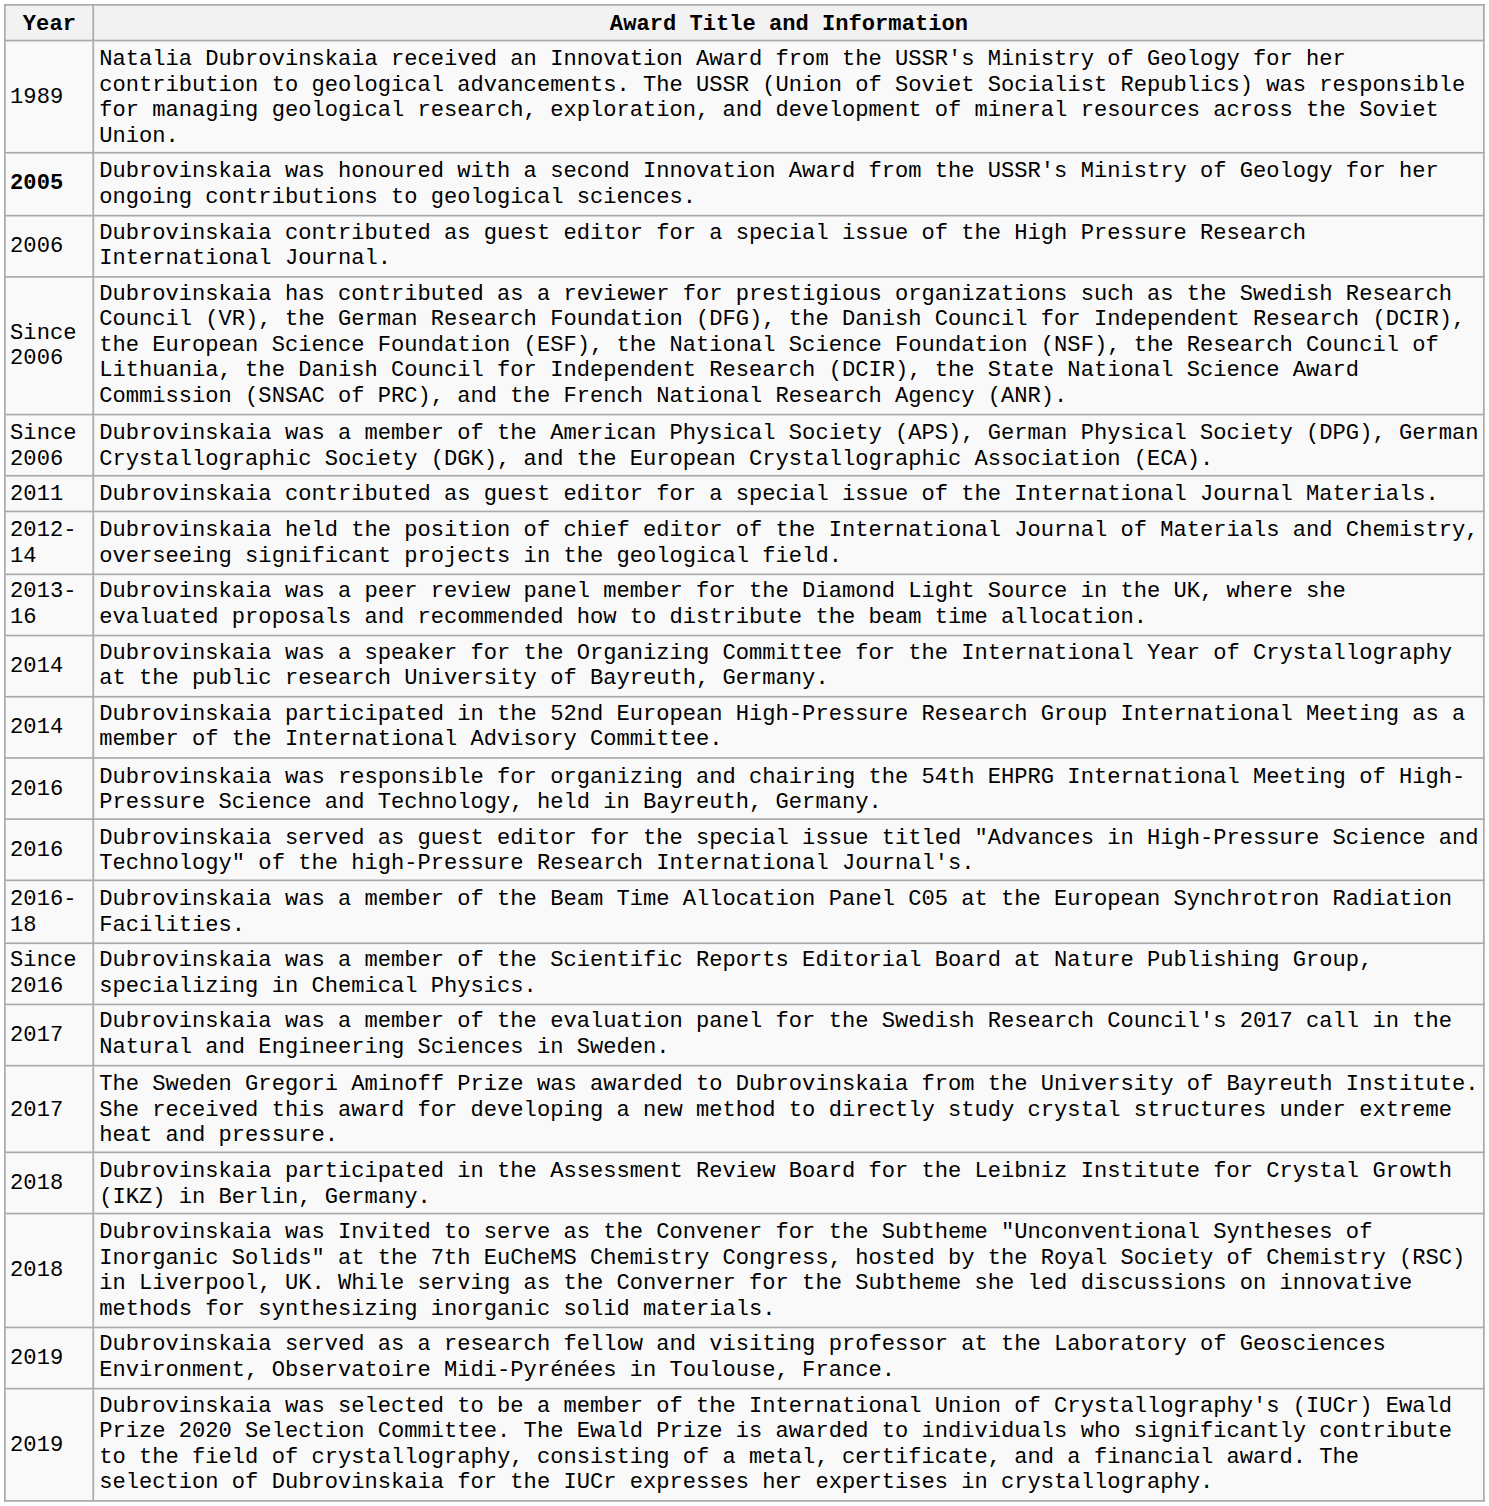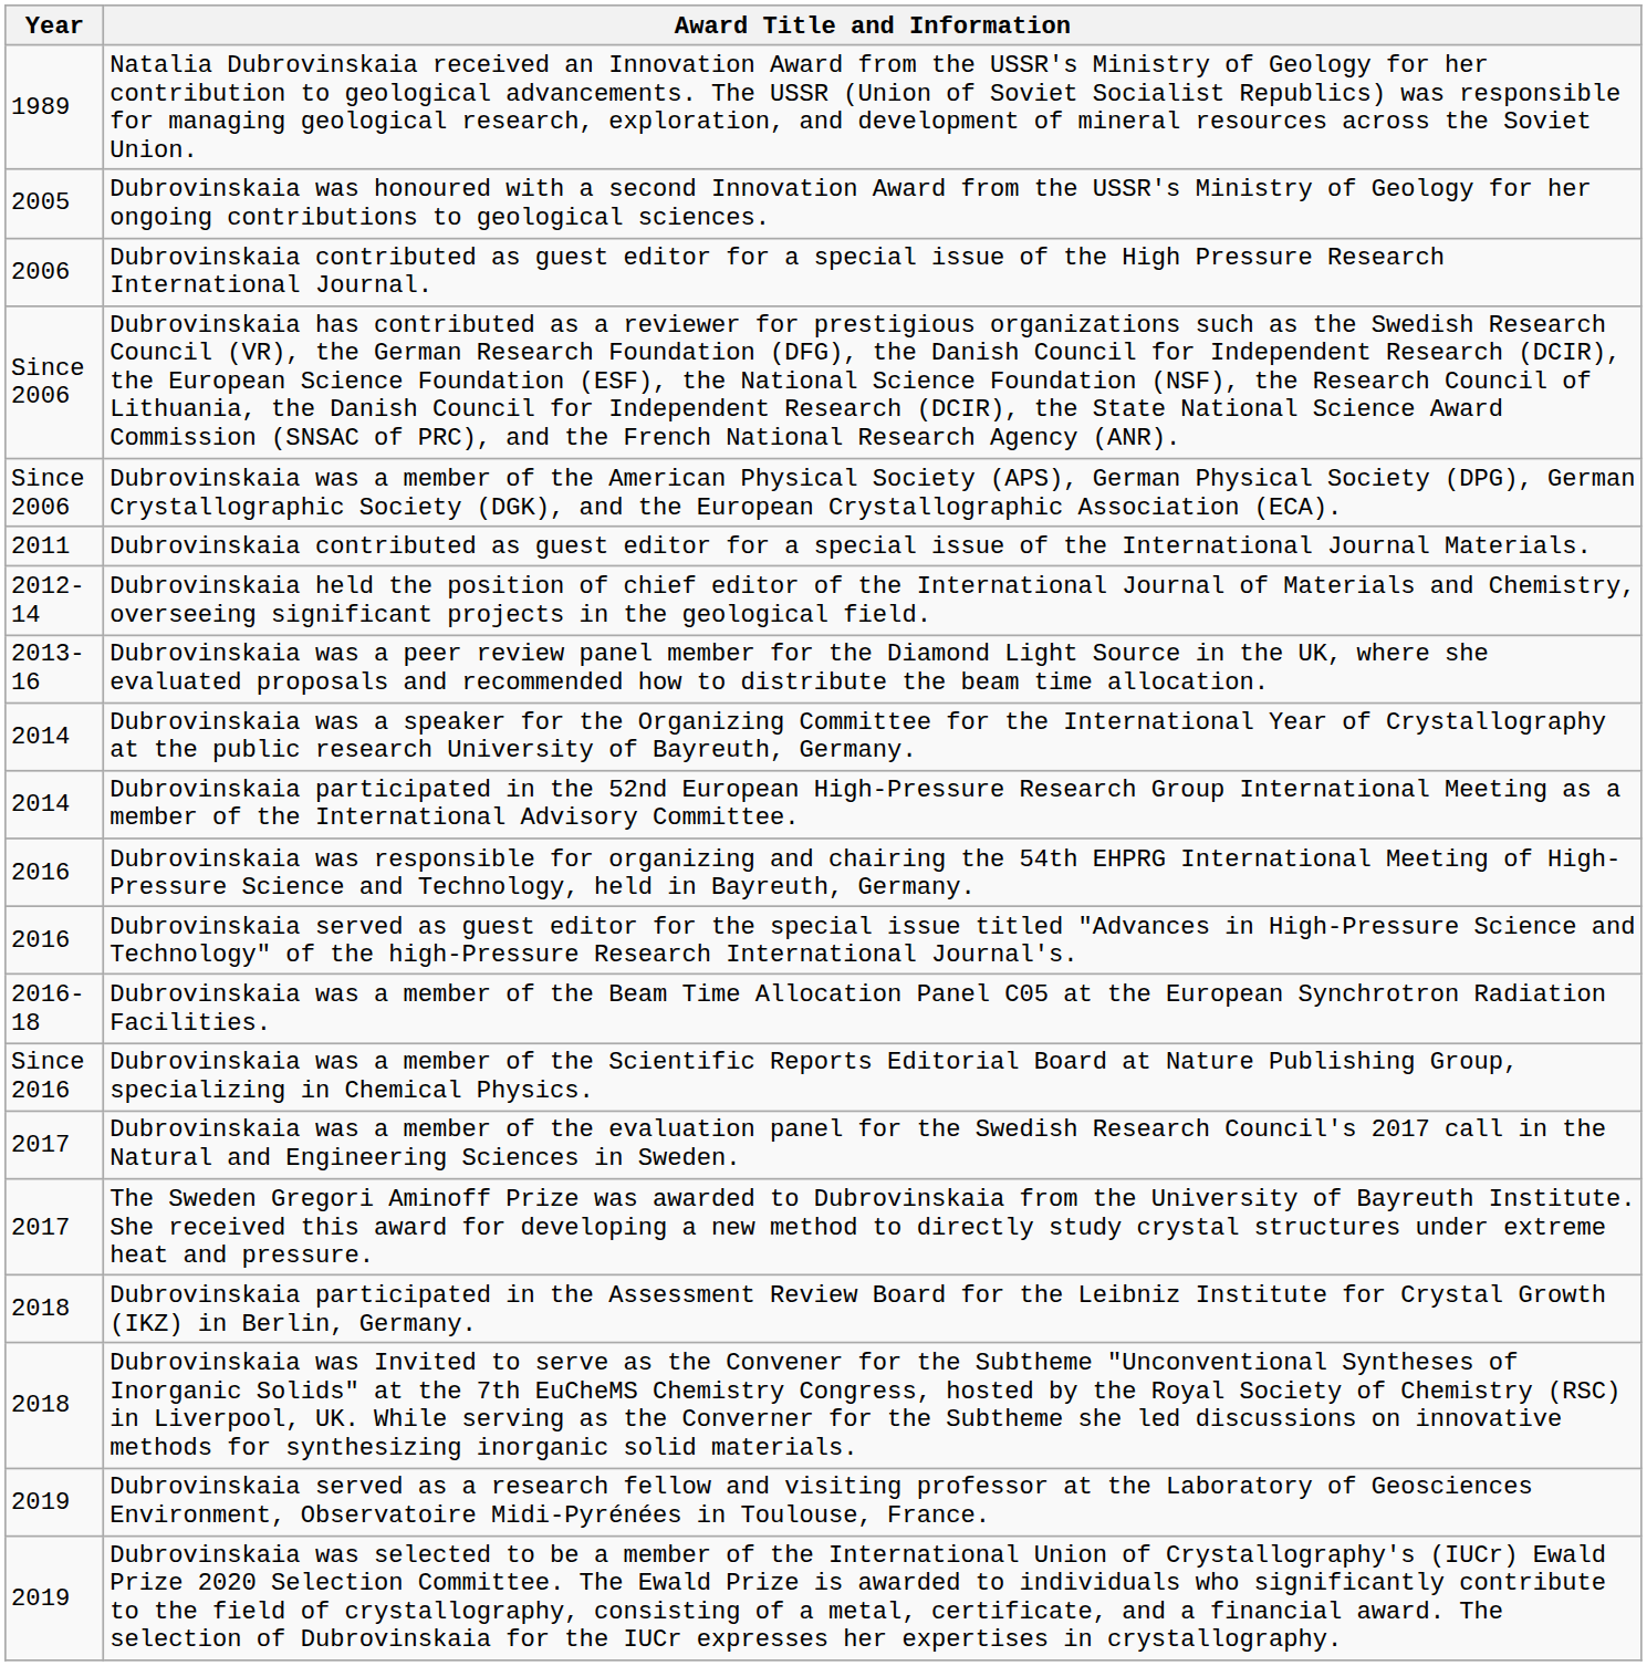 <table class="wikitable">
 <tr>
 <th>Year</th>
 <th>Award Title and Information</th>
 </tr>
 <tr>
 <td>1989</td>
 <td>Natalia Dubrovinskaia received an Innovation Award from the USSR's Ministry of Geology for her contribution to geological advancements. The USSR (Union of Soviet Socialist Republics) was responsible for managing geological research, exploration, and development of mineral resources across the Soviet Union.</td>
 </tr>
 <tr>
-<td><strong>2005</strong></td>
+<td>2005</td>
 <td>Dubrovinskaia was honoured with a second Innovation Award from the USSR's Ministry of Geology for her ongoing contributions to geological sciences.</td>
 </tr>
 <tr>
 <td>2006</td>
 <td>Dubrovinskaia contributed as guest editor for a special issue of the High Pressure Research International Journal.</td>
 </tr>
 <tr>
 <td>Since 2006</td>
 <td>Dubrovinskaia has contributed as a reviewer for prestigious organizations such as the Swedish Research Council (VR), the German Research Foundation (DFG), the Danish Council for Independent Research (DCIR), the European Science Foundation (ESF), the National Science Foundation (NSF), the Research Council of Lithuania, the Danish Council for Independent Research (DCIR), the State National Science Award Commission (SNSAC of PRC), and the French National Research Agency (ANR).</td>
 </tr>
 <tr>
 <td>Since 2006</td>
 <td>Dubrovinskaia was a member of the American Physical Society (APS), German Physical Society (DPG), German Crystallographic Society (DGK), and the European Crystallographic Association (ECA).</td>
 </tr>
 <tr>
 <td>2011</td>
 <td>Dubrovinskaia contributed as guest editor for a special issue of the International Journal Materials.</td>
 </tr>
 <tr>
 <td>2012-14</td>
 <td>Dubrovinskaia held the position of chief editor of the International Journal of Materials and Chemistry, overseeing significant projects in the geological field.</td>
 </tr>
 <tr>
 <td>2013-16</td>
 <td>Dubrovinskaia was a peer review panel member for the Diamond Light Source in the UK, where she evaluated proposals and recommended how to distribute the beam time allocation.</td>
 </tr>
 <tr>
 <td>2014</td>
 <td>Dubrovinskaia was a speaker for the Organizing Committee for the International Year of Crystallography at the public research University of Bayreuth, Germany.</td>
 </tr>
 <tr>
 <td>2014</td>
 <td>Dubrovinskaia participated in the 52nd European High-Pressure Research Group International Meeting as a member of the International Advisory Committee.</td>
 </tr>
 <tr>
 <td>2016</td>
 <td>Dubrovinskaia was responsible for organizing and chairing the 54th EHPRG International Meeting of High-Pressure Science and Technology, held in Bayreuth, Germany.</td>
 </tr>
 <tr>
 <td>2016</td>
 <td>Dubrovinskaia served as guest editor for the special issue titled "Advances in High-Pressure Science and Technology" of the high-Pressure Research International Journal's.</td>
 </tr>
 <tr>
 <td>2016-18</td>
 <td>Dubrovinskaia was a member of the Beam Time Allocation Panel C05 at the European Synchrotron Radiation Facilities.</td>
 </tr>
 <tr>
 <td>Since 2016</td>
 <td>Dubrovinskaia was a member of the Scientific Reports Editorial Board at Nature Publishing Group, specializing in Chemical Physics.</td>
 </tr>
 <tr>
 <td>2017</td>
 <td>Dubrovinskaia was a member of the evaluation panel for the Swedish Research Council's 2017 call in the Natural and Engineering Sciences in Sweden.</td>
 </tr>
 <tr>
 <td>2017</td>
 <td>The Sweden Gregori Aminoff Prize was awarded to Dubrovinskaia from the University of Bayreuth Institute. She received this award for developing a new method to directly study crystal structures under extreme heat and pressure.</td>
 </tr>
 <tr>
 <td>2018</td>
 <td>Dubrovinskaia participated in the Assessment Review Board for the Leibniz Institute for Crystal Growth (IKZ) in Berlin, Germany.</td>
 </tr>
 <tr>
 <td>2018</td>
 <td>Dubrovinskaia was Invited to serve as the Convener for the Subtheme "Unconventional Syntheses of Inorganic Solids" at the 7th EuCheMS Chemistry Congress, hosted by the Royal Society of Chemistry (RSC) in Liverpool, UK. While serving as the Converner for the Subtheme she led discussions on innovative methods for synthesizing inorganic solid materials.</td>
 </tr>
 <tr>
 <td>2019</td>
 <td>Dubrovinskaia served as a research fellow and visiting professor at the Laboratory of Geosciences Environment, Observatoire Midi-Pyrénées in Toulouse, France.</td>
 </tr>
 <tr>
 <td>2019</td>
 <td>Dubrovinskaia was selected to be a member of the International Union of Crystallography's (IUCr) Ewald Prize 2020 Selection Committee. The Ewald Prize is awarded to individuals who significantly contribute to the field of crystallography, consisting of a metal, certificate, and a financial award. The selection of Dubrovinskaia for the IUCr expresses her expertises in crystallography.</td>
 </tr>
 </table>
